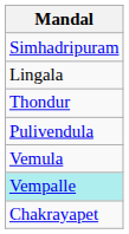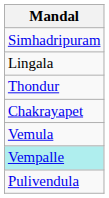 <table class="wikitable sortable static-row-numbers static-row-header-hash">
 <tr>
 <th>Mandal</th>
 </tr>
 <tr>
 <td><a href='#'>Simhadripuram</a></td>
 </tr>
 <tr>
 <td>Lingala</td>
 </tr>
 <tr>
 <td><a href='#'>Thondur</a></td>
 </tr>
 <tr>
-<td><a href='#'>Pulivendula</a></td>
+<td><a href='#'>Chakrayapet</a></td>
 </tr>
 <tr>
 <td><a href='#'>Vemula</a></td>
 </tr>
 <tr>
 <td style="background: paleturquoise;"><a href='#'>Vempalle</a></td>
 </tr>
 <tr>
-<td><a href='#'>Chakrayapet</a></td>
+<td><a href='#'>Pulivendula</a></td>
 </tr>
 </table>
